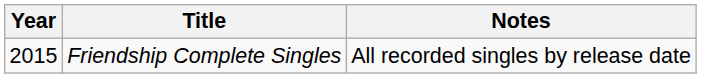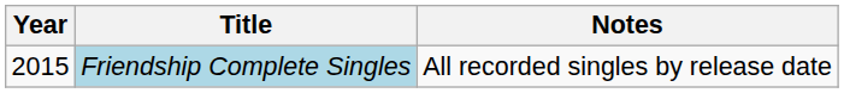 <table class="wikitable">
 <tr>
 <th>Year</th>
 <th>Title</th>
 <th>Notes</th>
 </tr>
 <tr>
 <td>2015</td>
-<td><em>Friendship Complete Singles</em></td>
+<td style="background: lightblue;"><em>Friendship Complete Singles</em></td>
 <td>All recorded singles by release date</td>
 </tr>
 </table>
